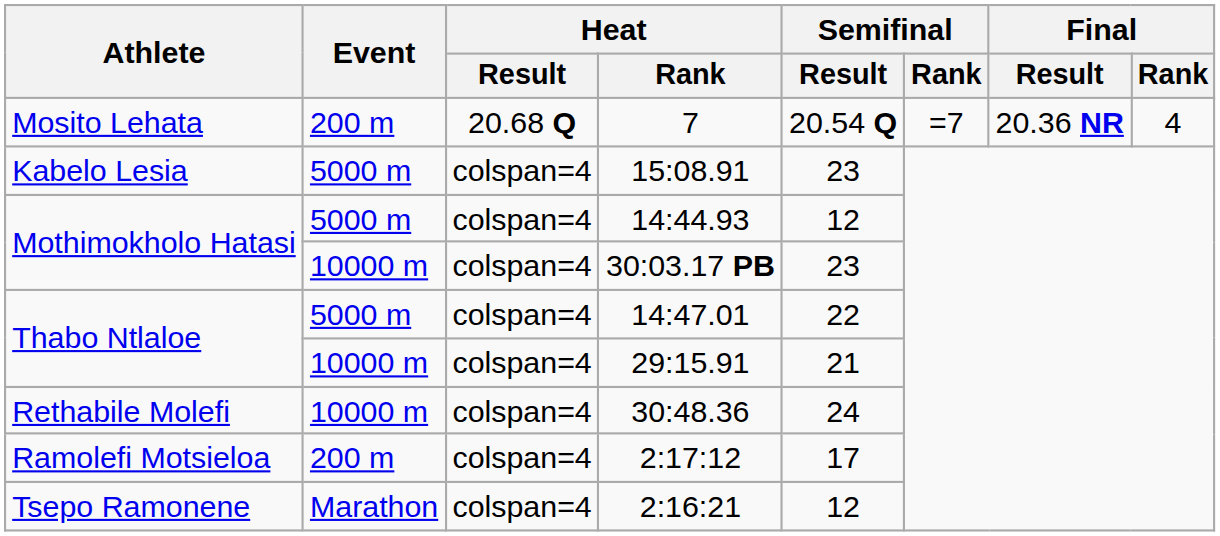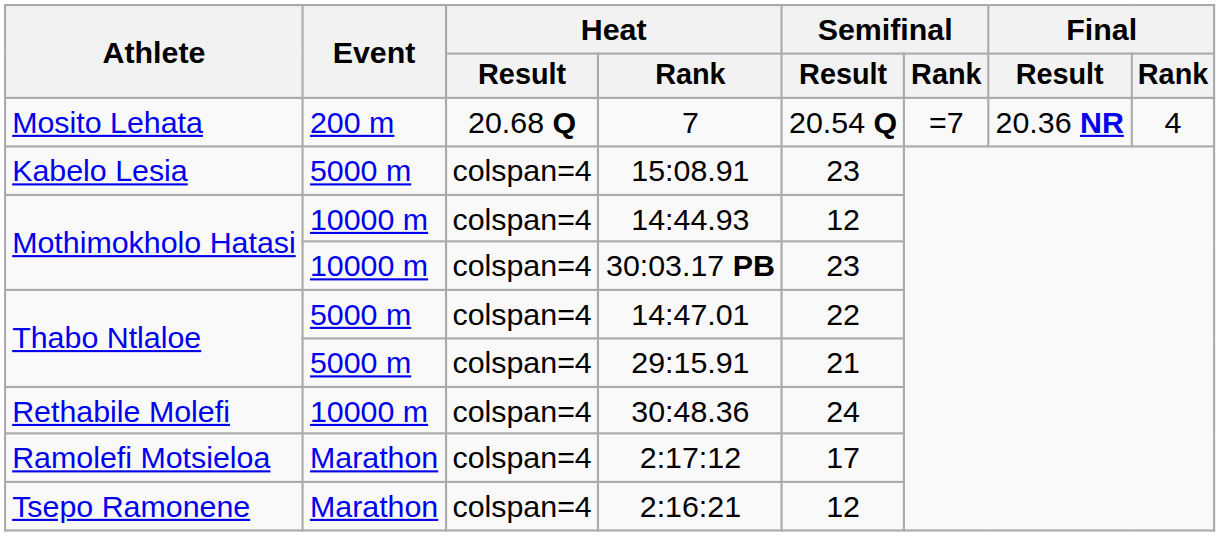 <table class="wikitable" style="font-size:90%">
 <tr>
 <th rowspan=2>Athlete</th>
 <th rowspan=2>Event</th>
 <th colspan=2>Heat</th>
 <th colspan=2>Semifinal</th>
 <th colspan=2>Final</th>
 </tr>
 <tr style="font-size:95%">
 <th>Result</th>
 <th>Rank</th>
 <th>Result</th>
 <th>Rank</th>
 <th>Result</th>
 <th>Rank</th>
 </tr>
 <tr align=center>
 <td align=left><a href='#'>Mosito Lehata</a></td>
 <td align=left><a href='#'>200 m</a></td>
 <td>20.68 <strong>Q</strong></td>
 <td>7</td>
 <td>20.54 <strong>Q</strong></td>
 <td>=7</td>
 <td>20.36 <strong><a href='#'>NR</a></strong></td>
 <td>4</td>
 </tr>
 <tr align=center>
 <td align=left><a href='#'>Kabelo Lesia</a></td>
 <td align=left><a href='#'>5000 m</a></td>
 <td>colspan=4 </td>
 <td>15:08.91</td>
 <td>23</td>
 </tr>
 <tr align=center>
 <td align=left rowspan=2><a href='#'>Mothimokholo Hatasi</a></td>
-<td align=left><a href='#'>5000 m</a></td>
+<td align=left><a href='#'>10000 m</a></td>
 <td>colspan=4 </td>
 <td>14:44.93</td>
 <td>12</td>
 </tr>
 <tr align=center>
 <td align=left><a href='#'>10000 m</a></td>
 <td>colspan=4 </td>
 <td>30:03.17 <strong>PB</strong></td>
 <td>23</td>
 </tr>
 <tr align=center>
 <td align=left rowspan=2><a href='#'>Thabo Ntlaloe</a></td>
 <td align=left><a href='#'>5000 m</a></td>
 <td>colspan=4 </td>
 <td>14:47.01</td>
 <td>22</td>
 </tr>
 <tr align=center>
-<td align=left><a href='#'>10000 m</a></td>
+<td align=left><a href='#'>5000 m</a></td>
 <td>colspan=4 </td>
 <td>29:15.91</td>
 <td>21</td>
 </tr>
 <tr align=center>
 <td align=left><a href='#'>Rethabile Molefi</a></td>
 <td align=left><a href='#'>10000 m</a></td>
 <td>colspan=4 </td>
 <td>30:48.36</td>
 <td>24</td>
 </tr>
 <tr align=center>
 <td align=left><a href='#'>Ramolefi Motsieloa</a></td>
-<td align=left><a href='#'>200 m</a></td>
+<td align=left><a href='#'>Marathon</a></td>
 <td>colspan=4 </td>
 <td>2:17:12</td>
 <td>17</td>
 </tr>
 <tr align=center>
 <td align=left><a href='#'>Tsepo Ramonene</a></td>
 <td align=left><a href='#'>Marathon</a></td>
 <td>colspan=4 </td>
 <td>2:16:21</td>
 <td>12</td>
 </tr>
 </table>
